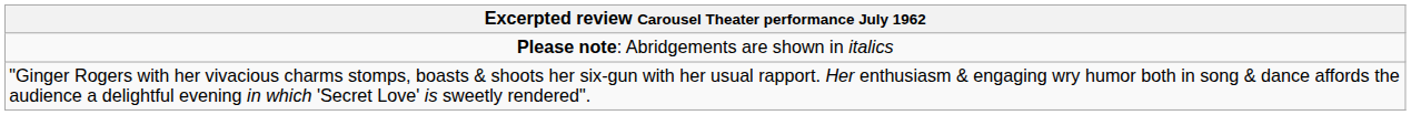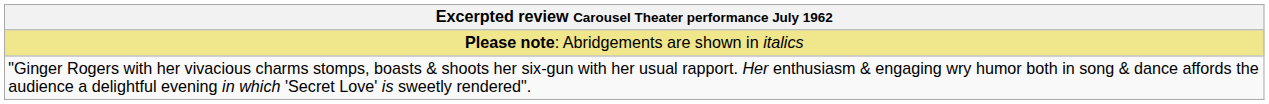 <table class="wikitable floatright collapsible collapsed">
 <tr>
 <th>Excerpted review <small>Carousel Theater performance July 1962</small></th>
 </tr>
 <tr>
-<td style="text-align:center;"><strong>Please note</strong>: Abridgements are shown in <em>italics</em></td>
+<td style="background: khaki; text-align:center;"><strong>Please note</strong>: Abridgements are shown in <em>italics</em></td>
 </tr>
 <tr>
 <td>"Ginger Rogers with her vivacious charms stomps, boasts & shoots her six-gun with her usual rapport. <em>Her</em> enthusiasm & engaging wry humor both in song & dance affords the audience a delightful evening <em>in which</em> 'Secret Love' <em>is</em> sweetly rendered".</td>
 </tr>
 </table>
